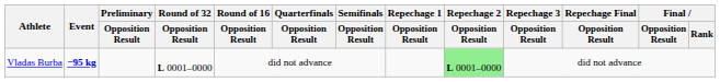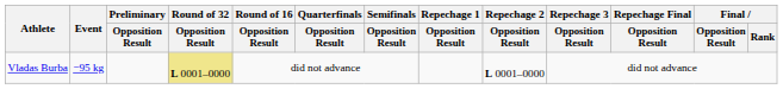 <table class="wikitable" style="font-size:90%">
 <tr>
 <th rowspan="2">Athlete</th>
 <th rowspan="2">Event</th>
 <th>Preliminary</th>
 <th>Round of 32</th>
 <th>Round of 16</th>
 <th>Quarterfinals</th>
 <th>Semifinals</th>
 <th>Repechage 1</th>
 <th>Repechage 2</th>
 <th>Repechage 3</th>
 <th>Repechage Final</th>
 <th colspan=2>Final / </th>
 </tr>
 <tr style="font-size:95%">
 <th>Opposition<br>Result</th>
 <th>Opposition<br>Result</th>
 <th>Opposition<br>Result</th>
 <th>Opposition<br>Result</th>
 <th>Opposition<br>Result</th>
 <th>Opposition<br>Result</th>
 <th>Opposition<br>Result</th>
 <th>Opposition<br>Result</th>
 <th>Opposition<br>Result</th>
 <th>Opposition<br>Result</th>
 <th>Rank</th>
 </tr>
 <tr align=center>
 <td align=left><a href='#'>Vladas Burba</a></td>
-<td align=left><strong><a href='#'>−95 kg</a></strong></td>
+<td align=left><a href='#'>−95 kg</a></td>
+<td></td>
+<td style="background: khaki;"><br><strong>L</strong> 0001–0000</td>
+<td colspan=3>did not advance</td>
 <td></td>
 <td><br><strong>L</strong> 0001–0000</td>
-<td colspan=3>did not advance</td>
-<td></td>
-<td style="background: lightgreen;"><br><strong>L</strong> 0001–0000</td>
 <td colspan=4>did not advance</td>
 </tr>
 </table>
